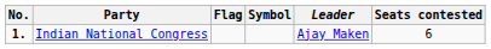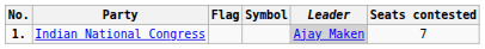 <table class="wikitable">
 <tr>
 <th>No.</th>
 <th>Party</th>
 <th><strong>Flag</strong></th>
 <th>Symbol</th>
 <th><em>Leader</em></th>
 <th>Seats contested</th>
 </tr>
 <tr>
 <td ! style="text-align:center; background:"><strong>1.</strong></td>
 <td style="text-align:center"><a href='#'>Indian National Congress</a></td>
 <td></td>
 <td></td>
-<td style="text-align:center"><a href='#'>Ajay Maken</a></td>
-<td style="text-align:center">6</td>
+<td style="background: lightgrey; text-align:center"><a href='#'>Ajay Maken</a></td>
+<td style="text-align:center">7</td>
 </tr>
 </table>
